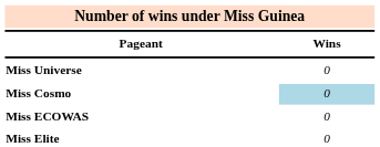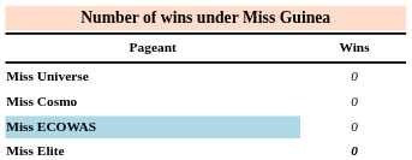 <table class="toccolours" style="width: 30em; float:right; margin-left:1em; font-size:80%; line-height:1.5em; width:30%;">
 <tr>
 <th colspan="4" style="text-align:center; background:#FFDDCA;"><big>Number of wins under Miss Guinea</big></th>
 </tr>
 <tr>
 <td colspan="4" style="background:black"></td>
 </tr>
 <tr>
 <th scope="col">Pageant</th>
 <th scope="col">Wins</th>
 </tr>
 <tr>
 <td colspan="4" style="background:black"></td>
 </tr>
 <tr>
 <td style="text-align:left"><strong>Miss Universe</strong></td>
 <td style="text-align:center"><em>0</em></td>
 </tr>
 <tr>
 <td style="text-align:left"><strong>Miss Cosmo</strong></td>
-<td style="background: lightblue; text-align:center"><em>0</em></td>
+<td style="text-align:center"><em>0</em></td>
 </tr>
 <tr>
-<td style="text-align:left"><strong>Miss ECOWAS</strong></td>
+<td style="background: lightblue; text-align:left"><strong>Miss ECOWAS</strong></td>
 <td style="text-align:center"><em>0</em></td>
 </tr>
 <tr>
 <td style="text-align:left"><strong>Miss Elite</strong></td>
-<td style="text-align:center"><em>0</em></td>
+<td style="text-align:center"><strong><em>0</em></strong></td>
 </tr>
 <tr>
 </tr>
 </table>
